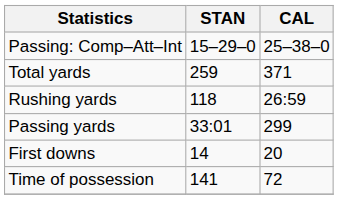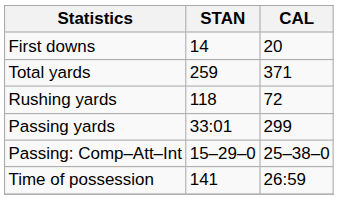 <table class="wikitable" style="float: left;">
 <tr>
 <th>Statistics</th>
 <th>STAN</th>
 <th>CAL</th>
 </tr>
 <tr>
-<td>Passing: Comp–Att–Int</td>
-<td>15–29–0</td>
-<td>25–38–0</td>
+<td>First downs</td>
+<td>14</td>
+<td>20</td>
 </tr>
 <tr>
 <td>Total yards</td>
 <td>259</td>
 <td>371</td>
 </tr>
 <tr>
 <td>Rushing yards</td>
 <td>118</td>
-<td>26:59</td>
+<td>72</td>
 </tr>
 <tr>
 <td>Passing yards</td>
 <td>33:01</td>
 <td>299</td>
 </tr>
 <tr>
-<td>First downs</td>
-<td>14</td>
-<td>20</td>
+<td>Passing: Comp–Att–Int</td>
+<td>15–29–0</td>
+<td>25–38–0</td>
 </tr>
 <tr>
 <td>Time of possession</td>
 <td>141</td>
-<td>72</td>
+<td>26:59</td>
 </tr>
 <tr>
 </tr>
 </table>
